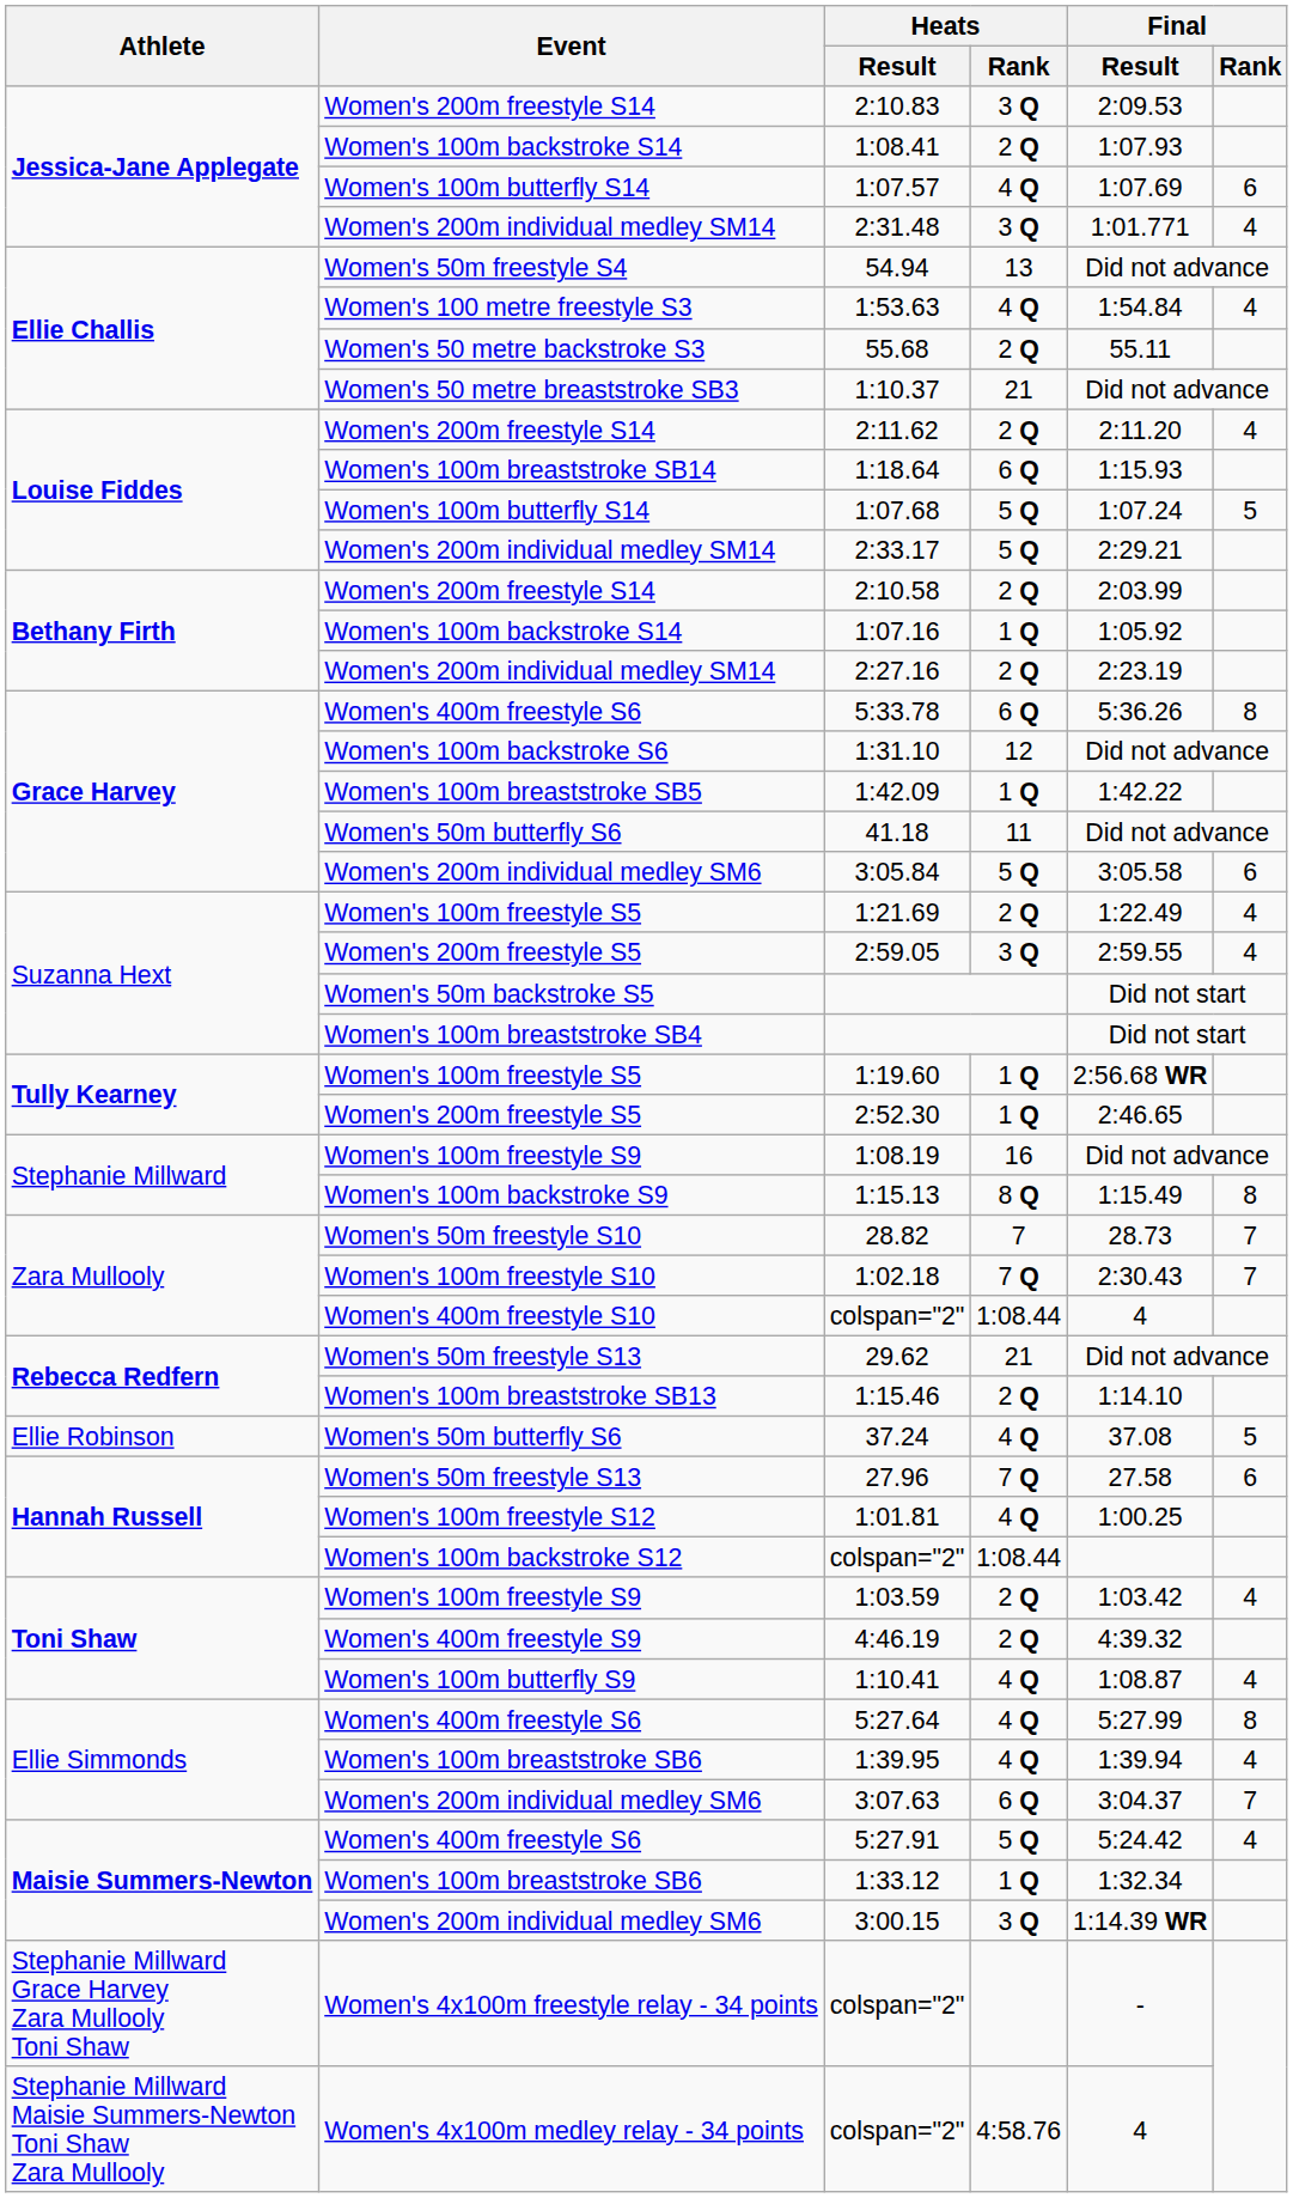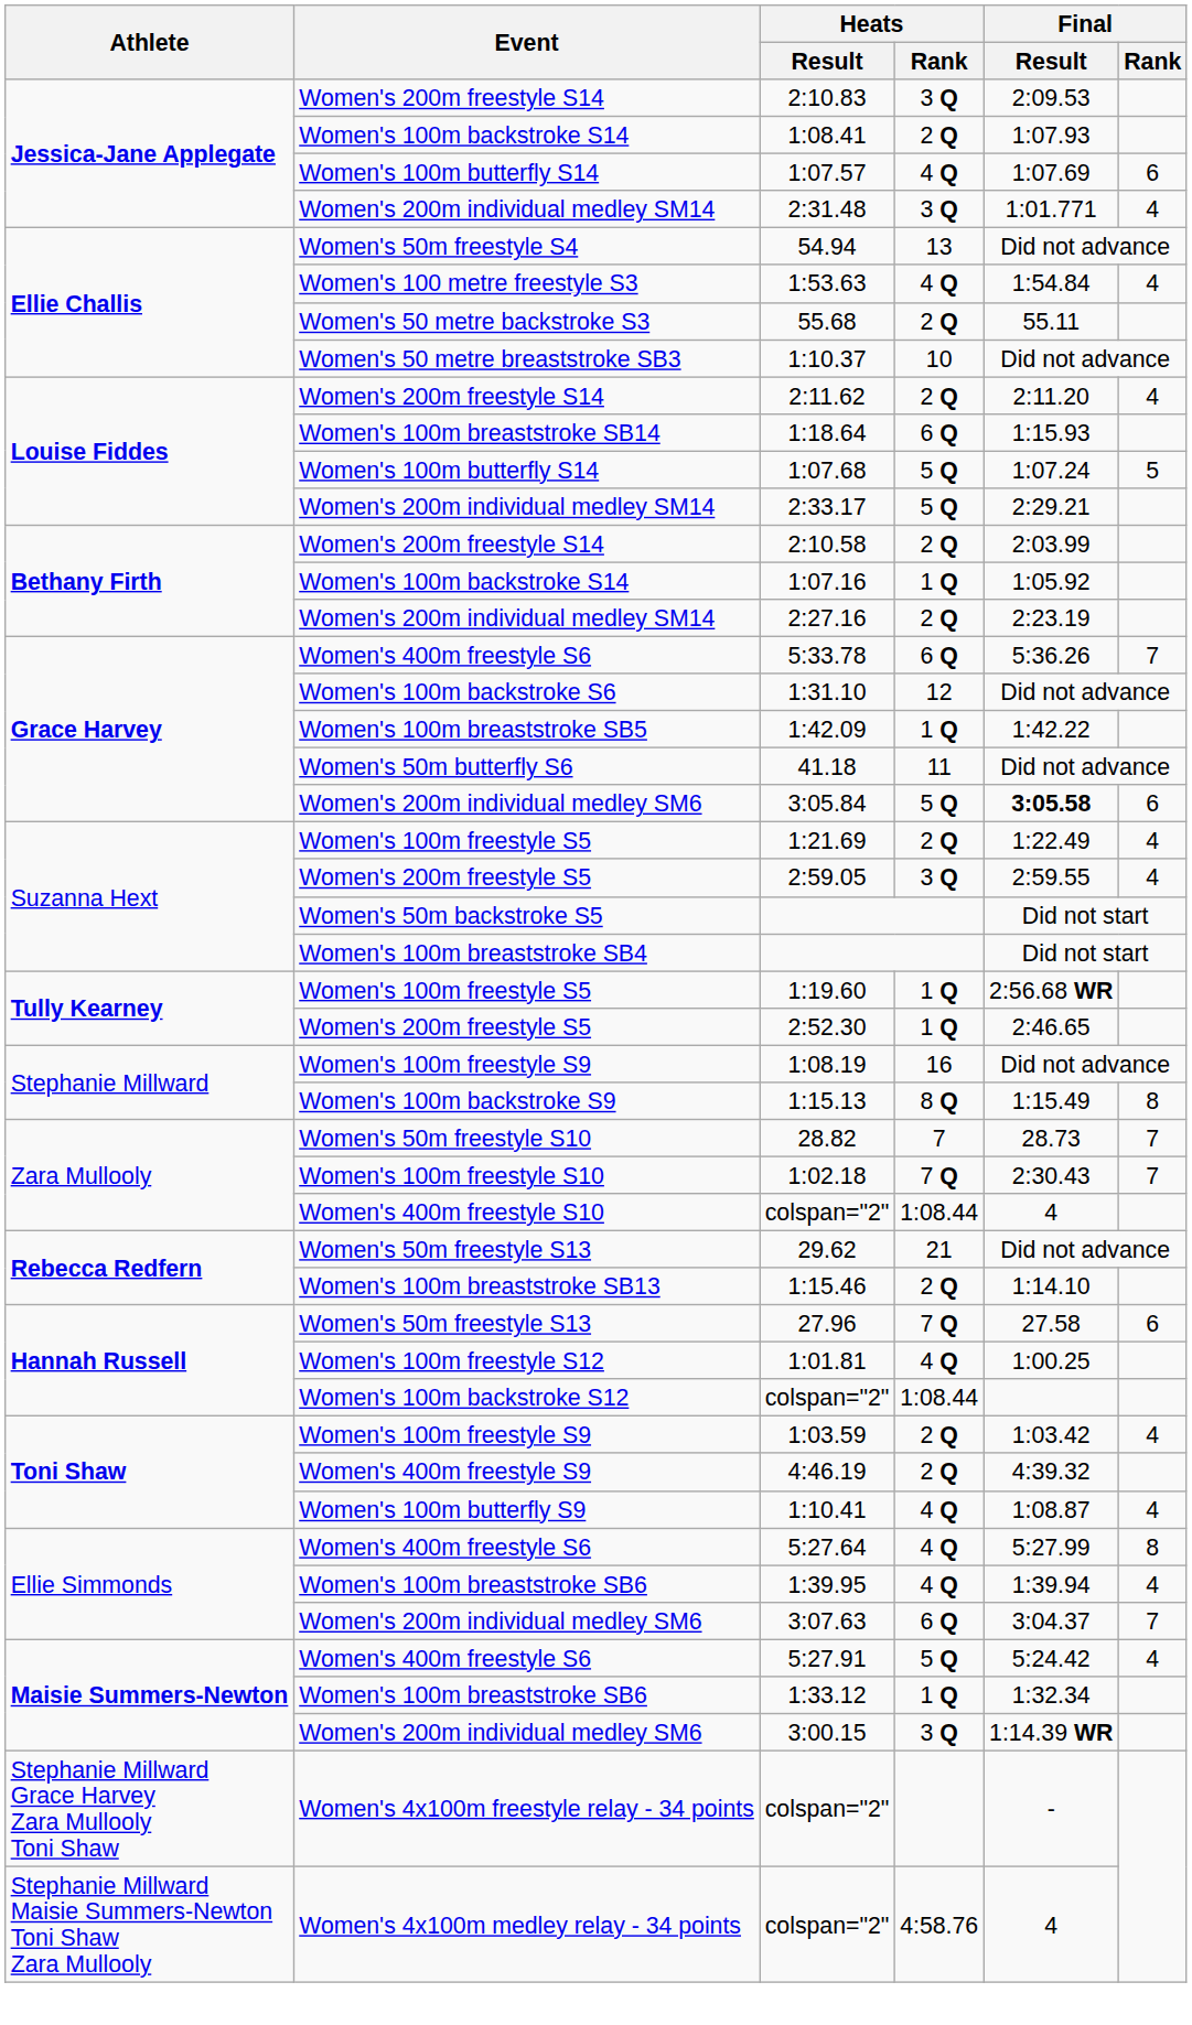 <table class=wikitable style="font-size:95%">
 <tr>
 <th rowspan="2">Athlete</th>
 <th rowspan="2">Event</th>
 <th colspan="2">Heats</th>
 <th colspan="2">Final</th>
 </tr>
 <tr>
 <th>Result</th>
 <th>Rank</th>
 <th>Result</th>
 <th>Rank</th>
 </tr>
 <tr align=center>
 <td align=left rowspan=4><strong><a href='#'>Jessica-Jane Applegate</a></strong></td>
 <td align=left><a href='#'>Women's 200m freestyle S14</a></td>
 <td>2:10.83</td>
 <td>3 <strong>Q</strong></td>
 <td>2:09.53</td>
 <td></td>
 </tr>
 <tr align=center>
 <td align=left><a href='#'>Women's 100m backstroke S14</a></td>
 <td>1:08.41</td>
 <td>2 <strong>Q</strong></td>
 <td>1:07.93</td>
 <td></td>
 </tr>
 <tr align=center>
 <td align=left><a href='#'>Women's 100m butterfly S14</a></td>
 <td>1:07.57</td>
 <td>4 <strong>Q</strong></td>
 <td>1:07.69</td>
 <td>6</td>
 </tr>
 <tr align=center>
 <td align=left><a href='#'>Women's 200m individual medley SM14</a></td>
 <td>2:31.48</td>
 <td>3 <strong>Q</strong></td>
 <td>1:01.771</td>
 <td>4</td>
 </tr>
 <tr align=center>
 <td align=left rowspan=4><strong><a href='#'>Ellie Challis</a></strong></td>
 <td align=left><a href='#'>Women's 50m freestyle S4</a></td>
 <td>54.94</td>
 <td>13</td>
 <td colspan=2>Did not advance</td>
 </tr>
 <tr align=center>
 <td align=left><a href='#'>Women's 100 metre freestyle S3</a></td>
 <td>1:53.63</td>
 <td>4 <strong>Q</strong></td>
 <td>1:54.84</td>
 <td>4</td>
 </tr>
 <tr align=center>
 <td align=left><a href='#'>Women's 50 metre backstroke S3</a></td>
 <td>55.68</td>
 <td>2 <strong>Q</strong></td>
 <td>55.11</td>
 <td></td>
 </tr>
 <tr align=center>
 <td align=left><a href='#'>Women's 50 metre breaststroke SB3</a></td>
 <td>1:10.37</td>
-<td>21</td>
+<td>10</td>
 <td colspan=2>Did not advance</td>
 </tr>
 <tr align=center>
 <td align=left rowspan=4><strong><a href='#'>Louise Fiddes</a></strong></td>
 <td align=left><a href='#'>Women's 200m freestyle S14</a></td>
 <td>2:11.62</td>
 <td>2 <strong>Q</strong></td>
 <td>2:11.20</td>
 <td>4</td>
 </tr>
 <tr align=center>
 <td align=left><a href='#'>Women's 100m breaststroke SB14</a></td>
 <td>1:18.64</td>
 <td>6 <strong>Q</strong></td>
 <td>1:15.93</td>
 <td></td>
 </tr>
 <tr align=center>
 <td align=left><a href='#'>Women's 100m butterfly S14</a></td>
 <td>1:07.68</td>
 <td>5 <strong>Q</strong></td>
 <td>1:07.24</td>
 <td>5</td>
 </tr>
 <tr align=center>
 <td align=left><a href='#'>Women's 200m individual medley SM14</a></td>
 <td>2:33.17</td>
 <td>5 <strong>Q</strong></td>
 <td>2:29.21</td>
 <td></td>
 </tr>
 <tr align=center>
 <td rowspan=3 align=left><strong><a href='#'>Bethany Firth</a></strong></td>
 <td align=left><a href='#'>Women's 200m freestyle S14</a></td>
 <td>2:10.58</td>
 <td>2 <strong>Q</strong></td>
 <td>2:03.99</td>
 <td></td>
 </tr>
 <tr align=center>
 <td align=left><a href='#'>Women's 100m backstroke S14</a></td>
 <td>1:07.16</td>
 <td>1 <strong>Q</strong></td>
 <td>1:05.92</td>
 <td></td>
 </tr>
 <tr align=center>
 <td align=left><a href='#'>Women's 200m individual medley SM14</a></td>
 <td>2:27.16</td>
 <td>2 <strong>Q</strong></td>
 <td>2:23.19</td>
 <td></td>
 </tr>
 <tr align=center>
 <td align=left rowspan=5><strong><a href='#'>Grace Harvey</a></strong></td>
 <td align=left><a href='#'>Women's 400m freestyle S6</a></td>
 <td>5:33.78</td>
 <td>6 <strong>Q</strong></td>
 <td>5:36.26</td>
-<td>8</td>
+<td>7</td>
 </tr>
 <tr align=center>
 <td align=left><a href='#'>Women's 100m backstroke S6</a></td>
 <td>1:31.10</td>
 <td>12</td>
 <td colspan=2>Did not advance</td>
 </tr>
 <tr align=center>
 <td align=left><a href='#'>Women's 100m breaststroke SB5</a></td>
 <td>1:42.09</td>
 <td>1 <strong>Q</strong></td>
 <td>1:42.22</td>
 <td></td>
 </tr>
 <tr align=center>
 <td align=left><a href='#'>Women's 50m butterfly S6</a></td>
 <td>41.18</td>
 <td>11</td>
 <td colspan=2>Did not advance</td>
 </tr>
 <tr align=center>
 <td align=left><a href='#'>Women's 200m individual medley SM6</a></td>
 <td>3:05.84</td>
 <td>5 <strong>Q</strong></td>
-<td>3:05.58</td>
+<td><strong>3:05.58</strong></td>
 <td>6</td>
 </tr>
 <tr align=center>
 <td align=left rowspan=4><a href='#'>Suzanna Hext</a></td>
 <td align=left><a href='#'>Women's 100m freestyle S5</a></td>
 <td>1:21.69</td>
 <td>2 <strong>Q</strong></td>
 <td>1:22.49</td>
 <td>4</td>
 </tr>
 <tr align=center>
 <td align=left><a href='#'>Women's 200m freestyle S5</a></td>
 <td>2:59.05</td>
 <td>3 <strong>Q</strong></td>
 <td>2:59.55</td>
 <td>4</td>
 </tr>
 <tr align=center>
 <td align=left><a href='#'>Women's 50m backstroke S5</a></td>
 <td colspan="2"></td>
 <td colspan="2">Did not start</td>
 </tr>
 <tr align=center>
 <td align=left><a href='#'>Women's 100m breaststroke SB4</a></td>
 <td colspan="2"></td>
 <td colspan="2">Did not start</td>
 </tr>
 <tr align=center>
 <td align=left rowspan=2><strong><a href='#'>Tully Kearney</a></strong></td>
 <td align=left><a href='#'>Women's 100m freestyle S5</a></td>
 <td>1:19.60</td>
 <td>1 <strong>Q</strong></td>
 <td>2:56.68 <strong>WR</strong></td>
 <td></td>
 </tr>
 <tr align=center>
 <td align=left><a href='#'>Women's 200m freestyle S5</a></td>
 <td>2:52.30</td>
 <td>1 <strong>Q</strong></td>
 <td>2:46.65</td>
 <td></td>
 </tr>
 <tr align=center>
 <td align=left rowspan=2><a href='#'>Stephanie Millward</a></td>
 <td align=left><a href='#'>Women's 100m freestyle S9</a></td>
 <td>1:08.19</td>
 <td>16</td>
 <td colspan=2>Did not advance</td>
 </tr>
 <tr align=center>
 <td align=left><a href='#'>Women's 100m backstroke S9</a></td>
 <td>1:15.13</td>
 <td>8 <strong>Q</strong></td>
 <td>1:15.49</td>
 <td>8</td>
 </tr>
 <tr align=center>
 <td align=left rowspan=3><a href='#'>Zara Mullooly</a></td>
 <td align=left><a href='#'>Women's 50m freestyle S10</a></td>
 <td>28.82</td>
 <td>7</td>
 <td>28.73</td>
 <td>7</td>
 </tr>
 <tr align=center>
 <td align=left><a href='#'>Women's 100m freestyle S10</a></td>
 <td>1:02.18</td>
 <td>7 <strong>Q</strong></td>
 <td>2:30.43</td>
 <td>7</td>
 </tr>
 <tr align=center>
 <td align=left><a href='#'>Women's 400m freestyle S10</a></td>
 <td>colspan="2" </td>
 <td>1:08.44</td>
 <td>4</td>
 </tr>
 <tr align=center>
 <td align=left rowspan=2><strong><a href='#'>Rebecca Redfern</a></strong></td>
 <td align=left><a href='#'>Women's 50m freestyle S13</a></td>
 <td>29.62</td>
 <td>21</td>
 <td colspan=2>Did not advance</td>
 </tr>
 <tr align=center>
 <td align=left><a href='#'>Women's 100m breaststroke SB13</a></td>
 <td>1:15.46</td>
 <td>2 <strong>Q</strong></td>
 <td>1:14.10</td>
 <td></td>
-</tr>
-<tr align=center>
-<td align=left><a href='#'>Ellie Robinson</a></td>
-<td align=left><a href='#'>Women's 50m butterfly S6</a></td>
-<td>37.24</td>
-<td>4 <strong>Q</strong></td>
-<td>37.08</td>
-<td>5</td>
 </tr>
 <tr align=center>
 <td align=left rowspan=3><strong><a href='#'>Hannah Russell</a></strong></td>
 <td align=left><a href='#'>Women's 50m freestyle S13</a></td>
 <td>27.96</td>
 <td>7 <strong>Q</strong></td>
 <td>27.58</td>
 <td>6</td>
 </tr>
 <tr align=center>
 <td align=left><a href='#'>Women's 100m freestyle S12</a></td>
 <td>1:01.81</td>
 <td>4 <strong>Q</strong></td>
 <td>1:00.25</td>
 <td></td>
 </tr>
 <tr align=center>
 <td align=left><a href='#'>Women's 100m backstroke S12</a></td>
 <td>colspan="2" </td>
 <td>1:08.44</td>
 <td></td>
 </tr>
 <tr align=center>
 <td rowspan=3 align=left><strong><a href='#'>Toni Shaw</a></strong></td>
 <td align=left><a href='#'>Women's 100m freestyle S9</a></td>
 <td>1:03.59</td>
 <td>2 <strong>Q</strong></td>
 <td>1:03.42</td>
 <td>4</td>
 </tr>
 <tr align=center>
 <td align=left><a href='#'>Women's 400m freestyle S9</a></td>
 <td>4:46.19</td>
 <td>2 <strong>Q</strong></td>
 <td>4:39.32</td>
 <td></td>
 </tr>
 <tr align=center>
 <td align=left><a href='#'>Women's 100m butterfly S9</a></td>
 <td>1:10.41</td>
 <td>4 <strong>Q</strong></td>
 <td>1:08.87</td>
 <td>4</td>
 </tr>
 <tr align=center>
 <td align=left rowspan=3><a href='#'>Ellie Simmonds</a></td>
 <td align=left><a href='#'>Women's 400m freestyle S6</a></td>
 <td>5:27.64</td>
 <td>4 <strong>Q</strong></td>
 <td>5:27.99</td>
 <td>8</td>
 </tr>
 <tr align=center>
 <td align=left><a href='#'>Women's 100m breaststroke SB6</a></td>
 <td>1:39.95</td>
 <td>4 <strong>Q</strong></td>
 <td>1:39.94</td>
 <td>4</td>
 </tr>
 <tr align=center>
 <td align=left><a href='#'>Women's 200m individual medley SM6</a></td>
 <td>3:07.63</td>
 <td>6 <strong>Q</strong></td>
 <td>3:04.37</td>
 <td>7</td>
 </tr>
 <tr align=center>
 <td rowspan=3 align=left><strong><a href='#'>Maisie Summers-Newton</a></strong></td>
 <td align=left><a href='#'>Women's 400m freestyle S6</a></td>
 <td>5:27.91</td>
 <td>5 <strong>Q</strong></td>
 <td>5:24.42</td>
 <td>4</td>
 </tr>
 <tr align=center>
 <td align=left><a href='#'>Women's 100m breaststroke SB6</a></td>
 <td>1:33.12</td>
 <td>1 <strong>Q</strong></td>
 <td>1:32.34</td>
 <td></td>
 </tr>
 <tr align=center>
 <td align=left><a href='#'>Women's 200m individual medley SM6</a></td>
 <td>3:00.15</td>
 <td>3 <strong>Q</strong></td>
 <td>1:14.39 <strong>WR</strong></td>
 <td></td>
 </tr>
 <tr align=center>
 <td align=left><a href='#'>Stephanie Millward</a><br><a href='#'>Grace Harvey</a><br><a href='#'>Zara Mullooly</a><br><a href='#'>Toni Shaw</a></td>
 <td align=left><a href='#'>Women's 4x100m freestyle relay - 34 points</a></td>
 <td>colspan="2" </td>
 <td></td>
 <td>-</td>
 </tr>
 <tr align=center>
 <td align=left><a href='#'>Stephanie Millward</a><br><a href='#'>Maisie Summers-Newton</a><br><a href='#'>Toni Shaw</a><br><a href='#'>Zara Mullooly</a></td>
 <td align=left><a href='#'>Women's 4x100m medley relay - 34 points</a></td>
 <td>colspan="2" </td>
 <td>4:58.76</td>
 <td>4</td>
 </tr>
 </table>
